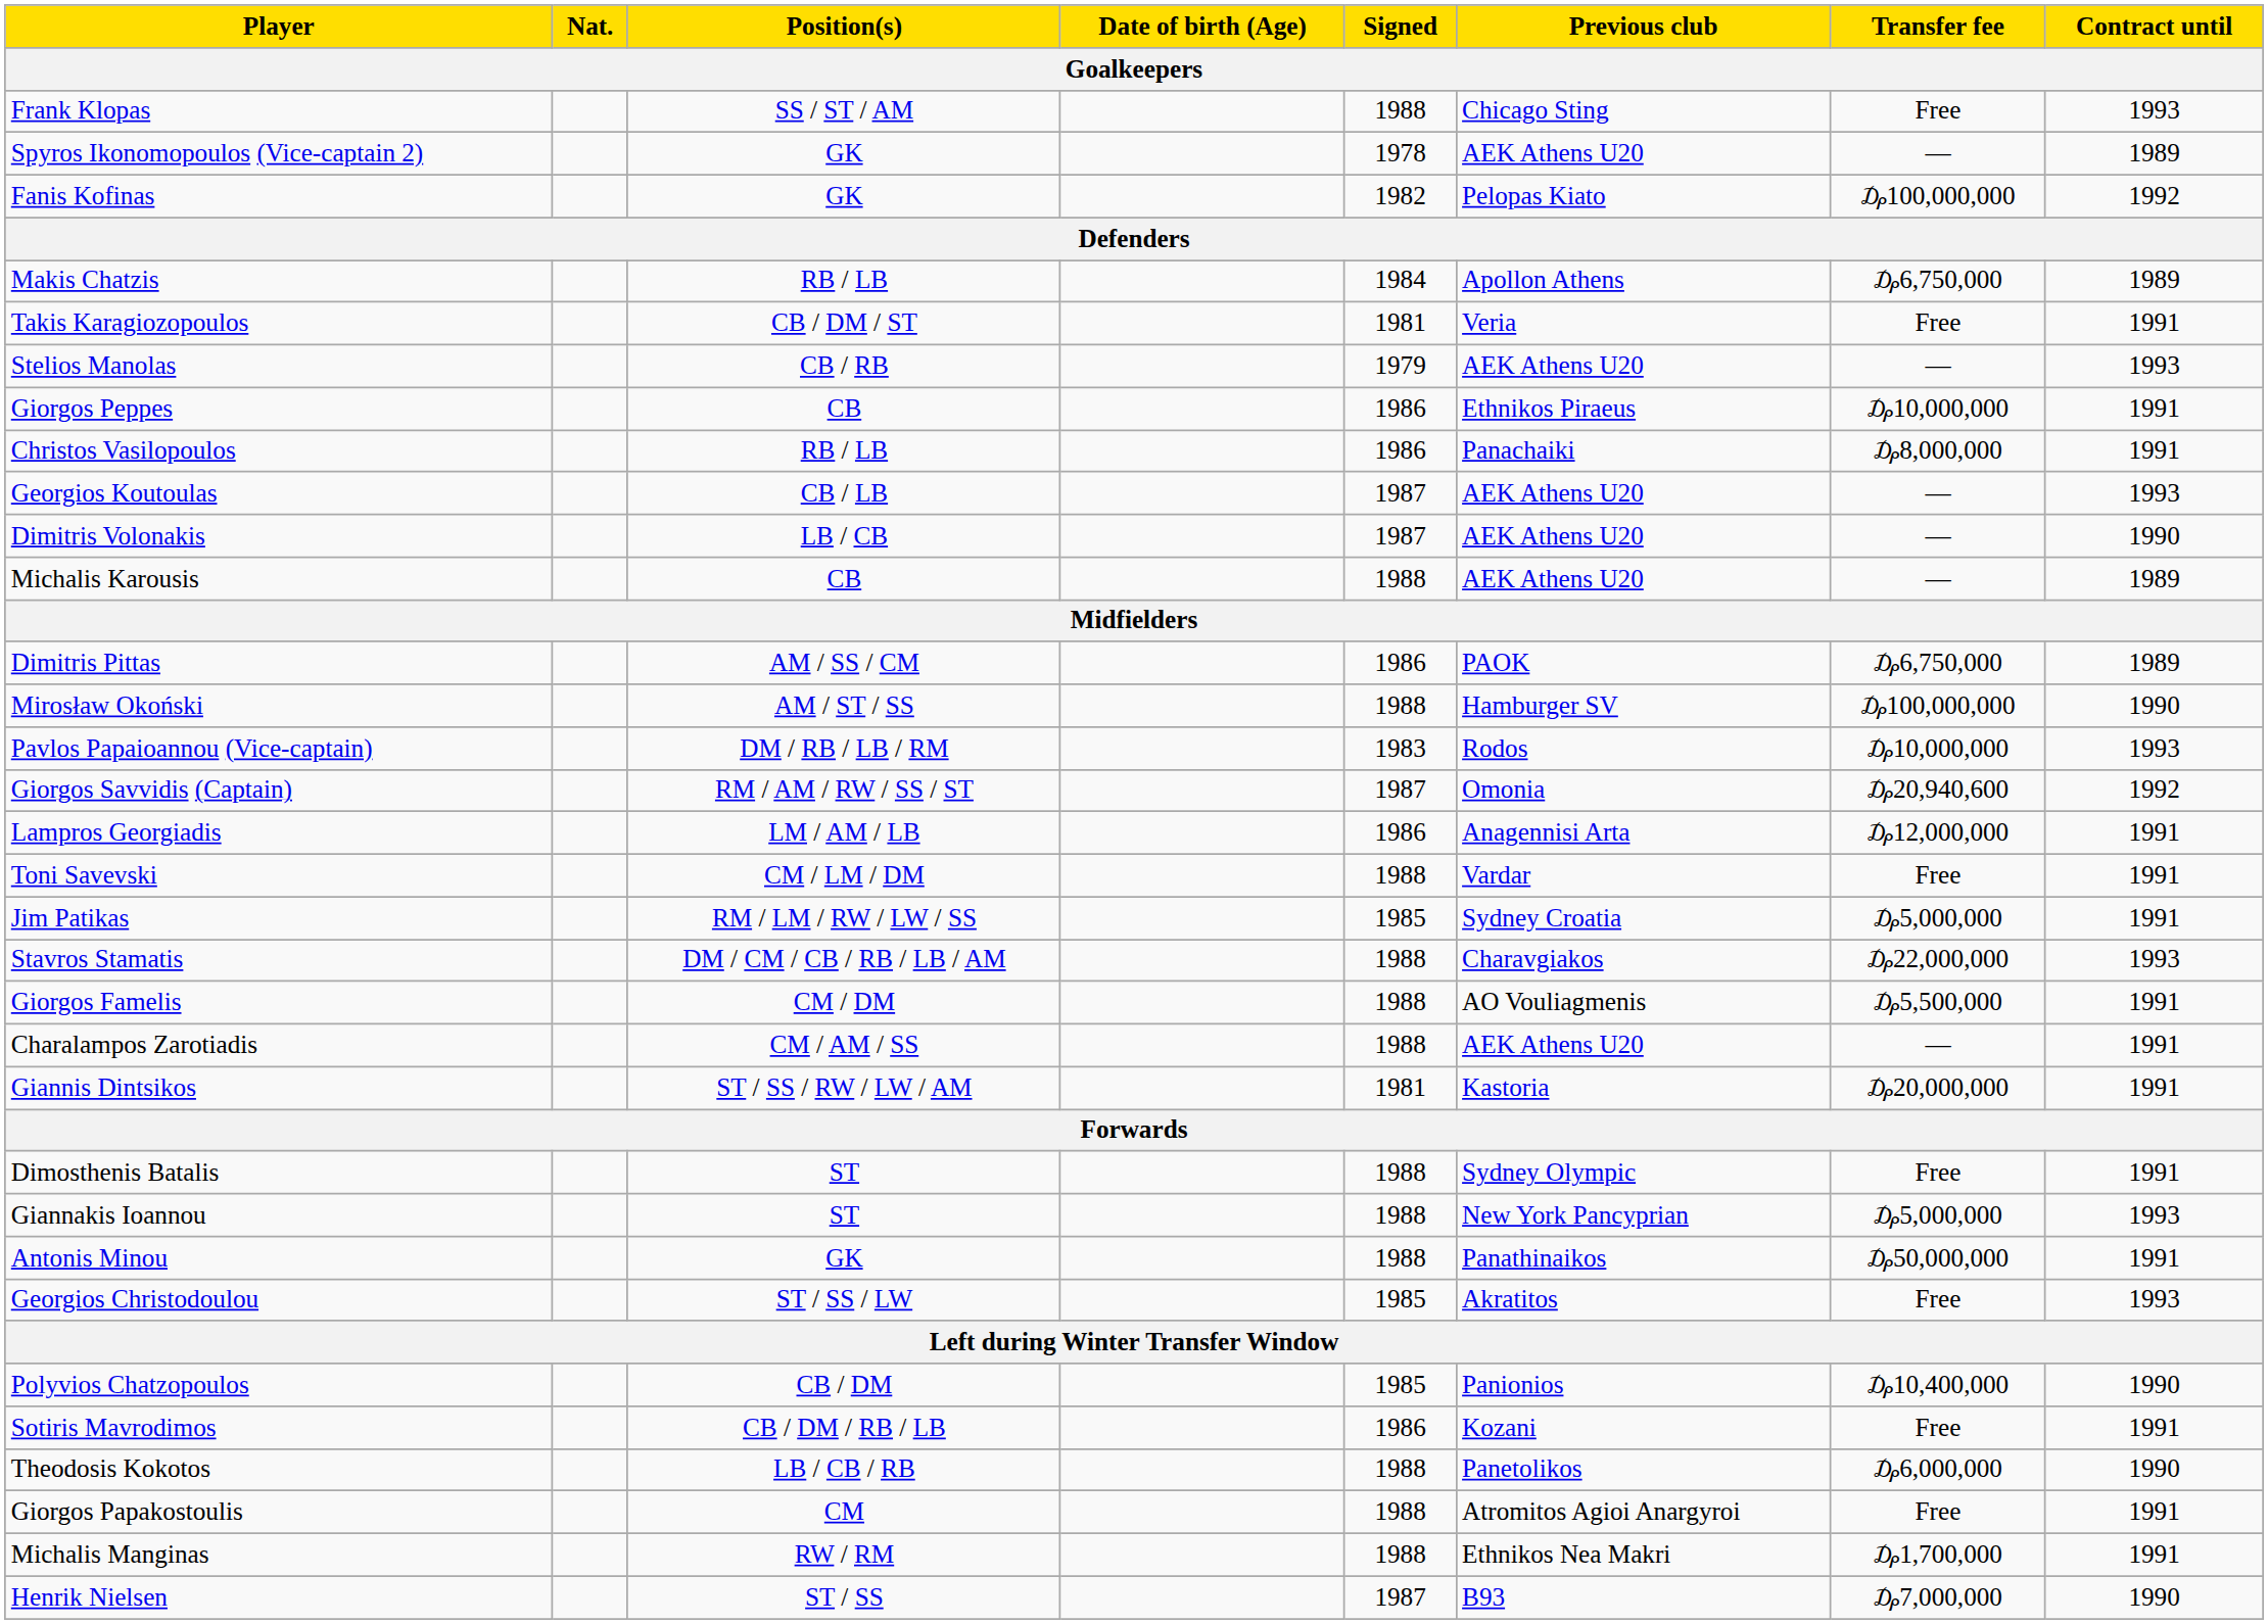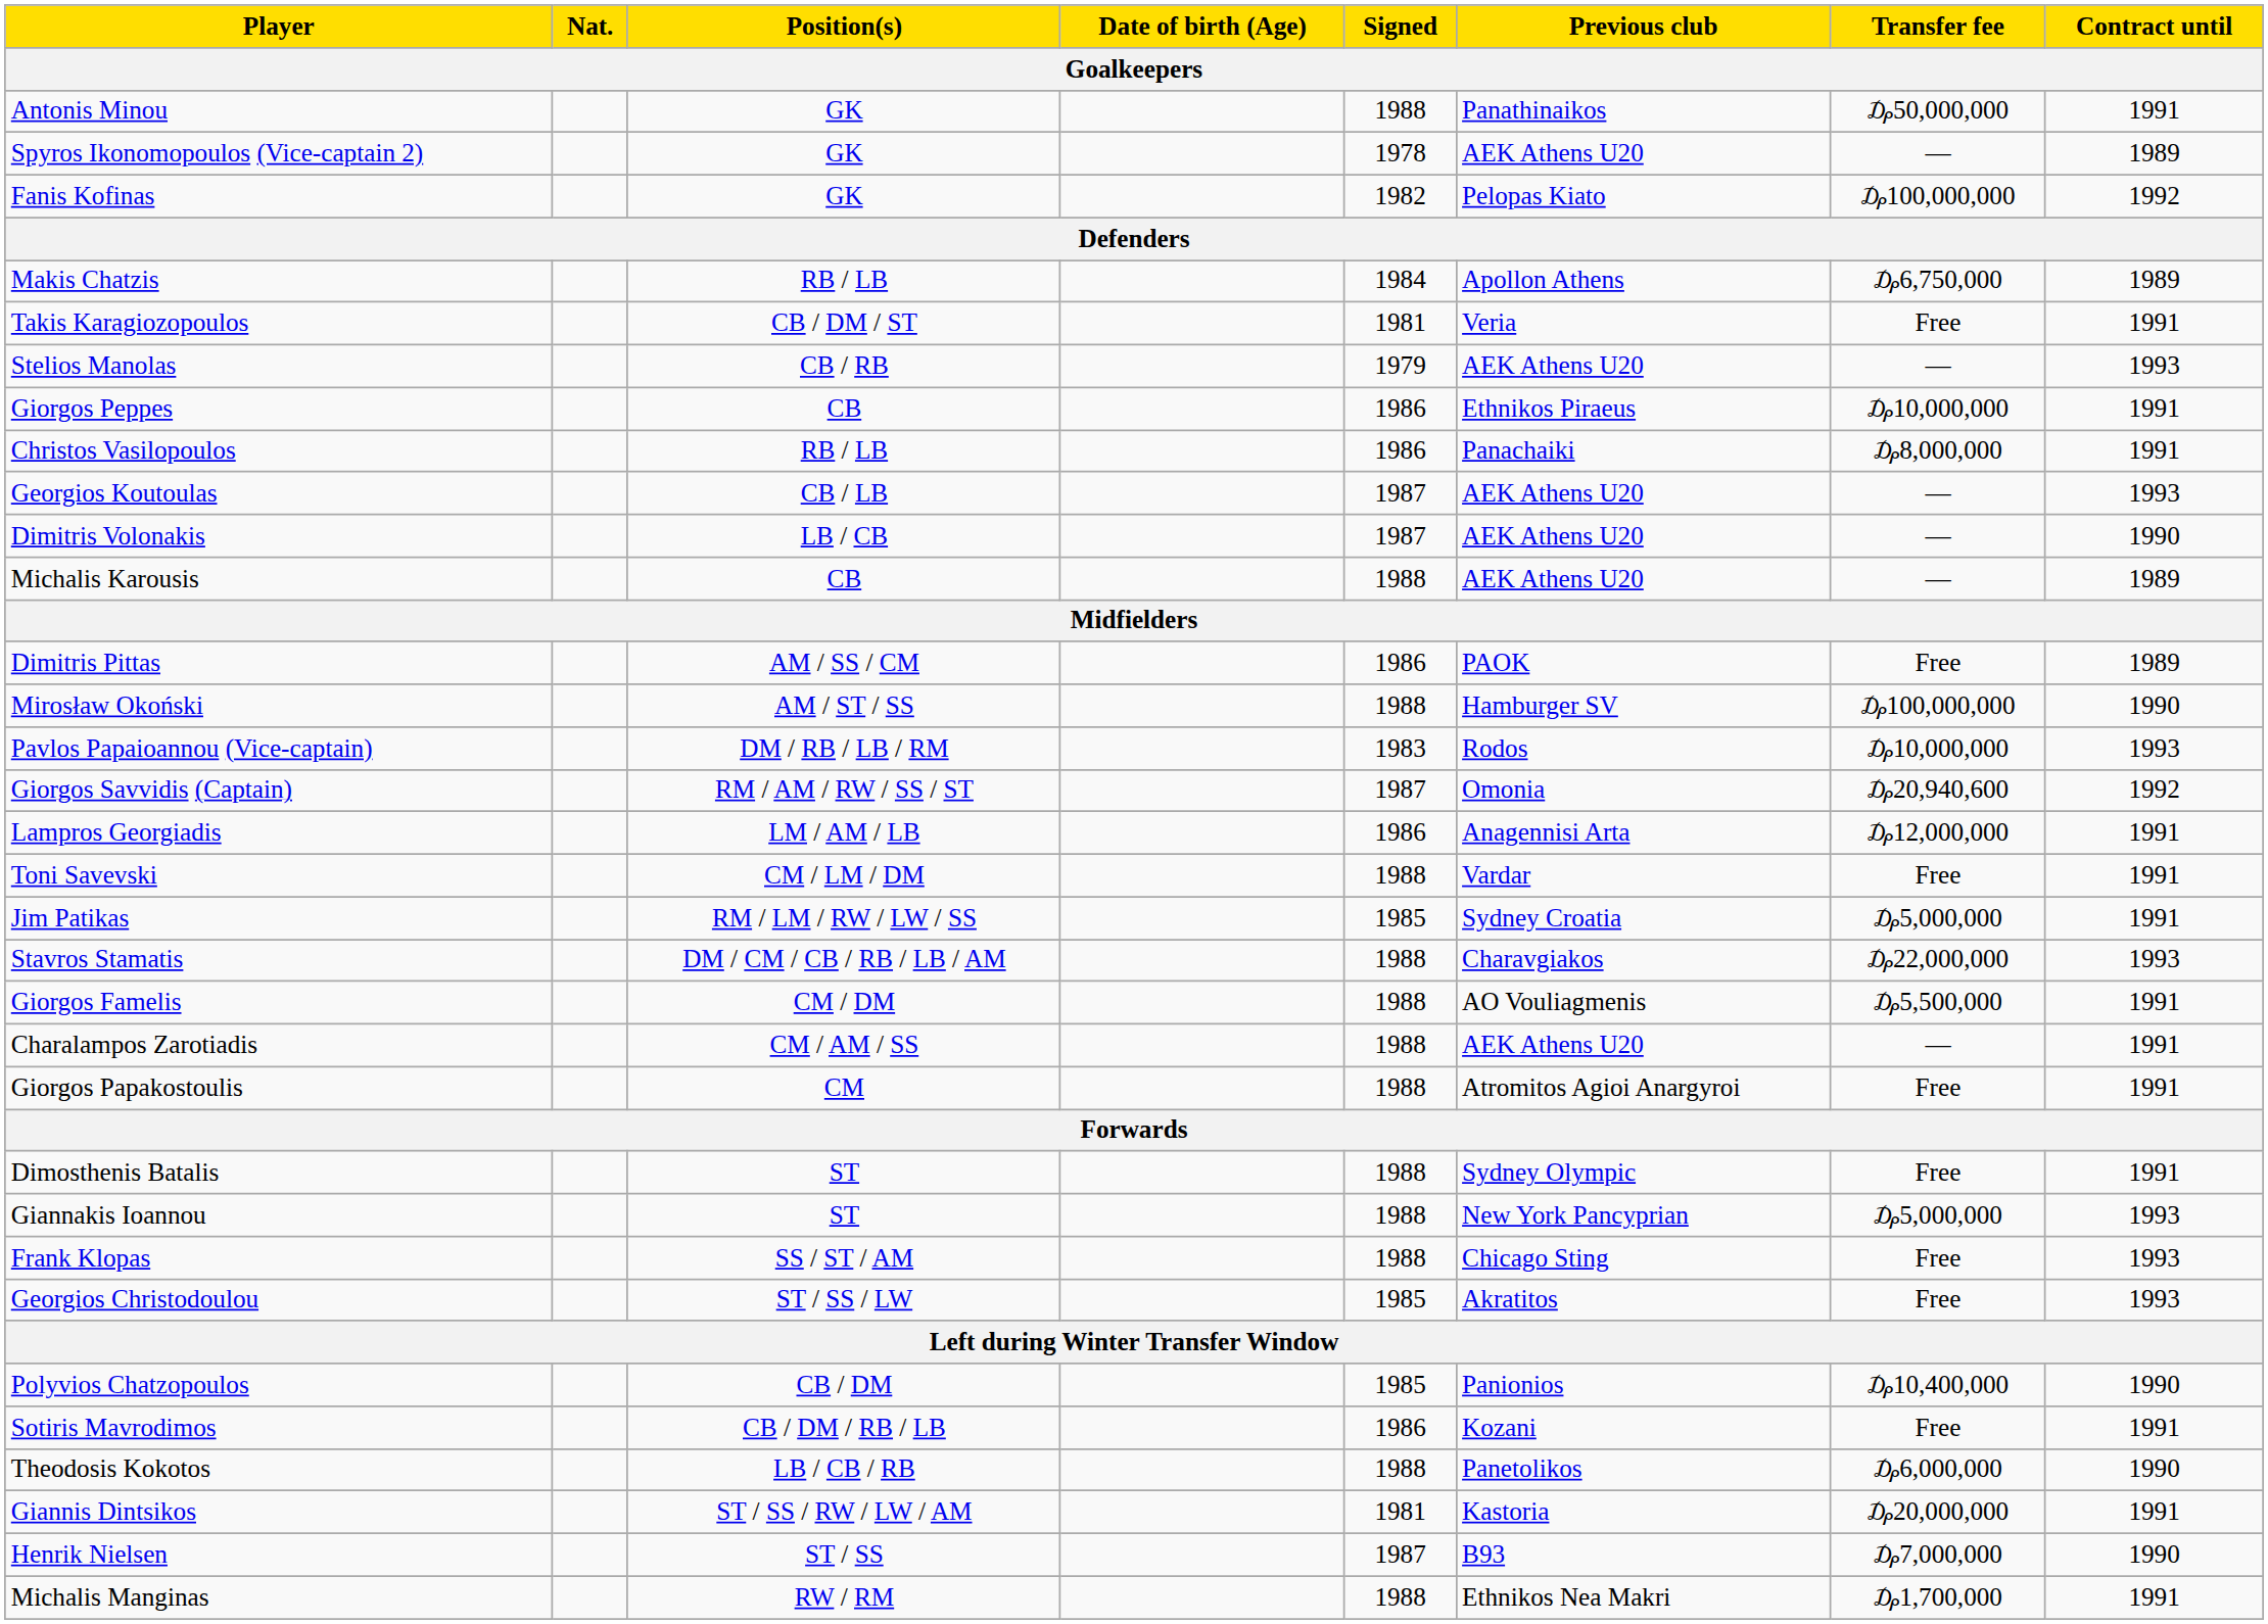 <table class="wikitable" style="text-align:center; font-size:90%;width:100%;">
 <tr>
 <th style="background:#FFDE00">Player</th>
 <th style="background:#FFDE00">Nat.</th>
 <th style="background:#FFDE00">Position(s)</th>
 <th style="background:#FFDE00">Date of birth (Age)</th>
 <th style="background:#FFDE00">Signed</th>
 <th style="background:#FFDE00">Previous club</th>
 <th style="background:#FFDE00">Transfer fee</th>
 <th style="background:#FFDE00">Contract until</th>
 </tr>
 <tr>
 <th colspan="8">Goalkeepers</th>
 </tr>
 <tr>
-<td align=left><a href='#'>Frank Klopas</a></td>
+<td align=left><a href='#'>Antonis Minou</a></td>
 <td></td>
-<td><a href='#'>SS</a> / <a href='#'>ST</a> / <a href='#'>AM</a></td>
+<td><a href='#'>GK</a></td>
 <td></td>
 <td>1988</td>
-<td align=left> <a href='#'>Chicago Sting</a></td>
-<td>Free</td>
-<td>1993</td>
+<td align=left> <a href='#'>Panathinaikos</a></td>
+<td>₯50,000,000</td>
+<td>1991</td>
 </tr>
 <tr>
 <td align=left><a href='#'>Spyros Ikonomopoulos</a> <a href='#'>(Vice-captain 2)</a></td>
 <td></td>
 <td><a href='#'>GK</a></td>
 <td></td>
 <td>1978</td>
 <td align=left> <a href='#'>AEK Athens U20</a></td>
 <td>—</td>
 <td>1989</td>
 </tr>
 <tr>
 <td align=left><a href='#'>Fanis Kofinas</a></td>
 <td></td>
 <td><a href='#'>GK</a></td>
 <td></td>
 <td>1982</td>
 <td align=left> <a href='#'>Pelopas Kiato</a></td>
 <td>₯100,000,000</td>
 <td>1992</td>
 </tr>
 <tr>
 <th colspan="8">Defenders</th>
 </tr>
 <tr>
 <td align=left><a href='#'>Makis Chatzis</a></td>
 <td></td>
 <td><a href='#'>RB</a> / <a href='#'>LB</a></td>
 <td></td>
 <td>1984</td>
 <td align=left> <a href='#'>Apollon Athens</a></td>
 <td>₯6,750,000</td>
 <td>1989</td>
 </tr>
 <tr>
 <td align=left><a href='#'>Takis Karagiozopoulos</a></td>
 <td></td>
 <td><a href='#'>CB</a> / <a href='#'>DM</a> / <a href='#'>ST</a></td>
 <td></td>
 <td>1981</td>
 <td align=left> <a href='#'>Veria</a></td>
 <td>Free</td>
 <td>1991</td>
 </tr>
 <tr>
 <td align=left><a href='#'>Stelios Manolas</a></td>
 <td></td>
 <td><a href='#'>CB</a> / <a href='#'>RB</a></td>
 <td></td>
 <td>1979</td>
 <td align=left> <a href='#'>AEK Athens U20</a></td>
 <td>—</td>
 <td>1993</td>
 </tr>
 <tr>
 <td align=left><a href='#'>Giorgos Peppes</a></td>
 <td></td>
 <td><a href='#'>CB</a></td>
 <td></td>
 <td>1986</td>
 <td align=left> <a href='#'>Ethnikos Piraeus</a></td>
 <td>₯10,000,000</td>
 <td>1991</td>
 </tr>
 <tr>
 <td align=left><a href='#'>Christos Vasilopoulos</a></td>
 <td></td>
 <td><a href='#'>RB</a> / <a href='#'>LB</a></td>
 <td></td>
 <td>1986</td>
 <td align=left> <a href='#'>Panachaiki</a></td>
 <td>₯8,000,000</td>
 <td>1991</td>
 </tr>
 <tr>
 <td align=left><a href='#'>Georgios Koutoulas</a></td>
 <td></td>
 <td><a href='#'>CB</a> / <a href='#'>LB</a></td>
 <td></td>
 <td>1987</td>
 <td align=left> <a href='#'>AEK Athens U20</a></td>
 <td>—</td>
 <td>1993</td>
 </tr>
 <tr>
 <td align=left><a href='#'>Dimitris Volonakis</a></td>
 <td></td>
 <td><a href='#'>LB</a> / <a href='#'>CB</a></td>
 <td></td>
 <td>1987</td>
 <td align=left> <a href='#'>AEK Athens U20</a></td>
 <td>—</td>
 <td>1990</td>
 </tr>
 <tr>
 <td align=left>Michalis Karousis</td>
 <td></td>
 <td><a href='#'>CB</a></td>
 <td></td>
 <td>1988</td>
 <td align=left> <a href='#'>AEK Athens U20</a></td>
 <td>—</td>
 <td>1989</td>
 </tr>
 <tr>
 <th colspan="8">Midfielders</th>
 </tr>
 <tr>
 <td align=left><a href='#'>Dimitris Pittas</a></td>
 <td></td>
 <td><a href='#'>AM</a> / <a href='#'>SS</a> / <a href='#'>CM</a></td>
 <td></td>
 <td>1986</td>
 <td align=left> <a href='#'>PAOK</a></td>
-<td>₯6,750,000</td>
+<td>Free</td>
 <td>1989</td>
 </tr>
 <tr>
 <td align=left><a href='#'>Mirosław Okoński</a></td>
 <td></td>
 <td><a href='#'>AM</a> / <a href='#'>ST</a> / <a href='#'>SS</a></td>
 <td></td>
 <td>1988</td>
 <td align=left> <a href='#'>Hamburger SV</a></td>
 <td>₯100,000,000</td>
 <td>1990</td>
 </tr>
 <tr>
 <td align=left><a href='#'>Pavlos Papaioannou</a> <a href='#'>(Vice-captain)</a></td>
 <td></td>
 <td><a href='#'>DM</a> / <a href='#'>RB</a> / <a href='#'>LB</a> / <a href='#'>RM</a></td>
 <td></td>
 <td>1983</td>
 <td align=left> <a href='#'>Rodos</a></td>
 <td>₯10,000,000</td>
 <td>1993</td>
 </tr>
 <tr>
 <td align=left><a href='#'>Giorgos Savvidis</a> <a href='#'>(Captain)</a></td>
 <td></td>
 <td><a href='#'>RM</a> / <a href='#'>AM</a> / <a href='#'>RW</a> / <a href='#'>SS</a> / <a href='#'>ST</a></td>
 <td></td>
 <td>1987</td>
 <td align=left> <a href='#'>Omonia</a></td>
 <td>₯20,940,600</td>
 <td>1992</td>
 </tr>
 <tr>
 <td align=left><a href='#'>Lampros Georgiadis</a></td>
 <td></td>
 <td><a href='#'>LM</a> / <a href='#'>AM</a> / <a href='#'>LB</a></td>
 <td></td>
 <td>1986</td>
 <td align=left> <a href='#'>Anagennisi Arta</a></td>
 <td>₯12,000,000</td>
 <td>1991</td>
 </tr>
 <tr>
 <td align=left><a href='#'>Toni Savevski</a></td>
 <td></td>
 <td><a href='#'>CM</a> / <a href='#'>LM</a> / <a href='#'>DM</a></td>
 <td></td>
 <td>1988</td>
 <td align=left> <a href='#'>Vardar</a></td>
 <td>Free</td>
 <td>1991</td>
 </tr>
 <tr>
 <td align=left><a href='#'>Jim Patikas</a></td>
 <td></td>
 <td><a href='#'>RM</a> / <a href='#'>LM</a> / <a href='#'>RW</a> / <a href='#'>LW</a> / <a href='#'>SS</a></td>
 <td></td>
 <td>1985</td>
 <td align=left> <a href='#'>Sydney Croatia</a></td>
 <td>₯5,000,000</td>
 <td>1991</td>
 </tr>
 <tr>
 <td align=left><a href='#'>Stavros Stamatis</a></td>
 <td></td>
 <td><a href='#'>DM</a> / <a href='#'>CM</a> / <a href='#'>CB</a> / <a href='#'>RB</a> / <a href='#'>LB</a> /  <a href='#'>AM</a></td>
 <td></td>
 <td>1988</td>
 <td align=left> <a href='#'>Charavgiakos</a></td>
 <td>₯22,000,000</td>
 <td>1993</td>
 </tr>
 <tr>
 <td align=left><a href='#'>Giorgos Famelis</a></td>
 <td></td>
 <td><a href='#'>CM</a> / <a href='#'>DM</a></td>
 <td></td>
 <td>1988</td>
 <td align=left> AO Vouliagmenis</td>
 <td>₯5,500,000</td>
 <td>1991</td>
 </tr>
 <tr>
 <td align=left>Charalampos Zarotiadis</td>
 <td></td>
 <td><a href='#'>CM</a> / <a href='#'>AM</a> / <a href='#'>SS</a></td>
 <td></td>
 <td>1988</td>
 <td align=left> <a href='#'>AEK Athens U20</a></td>
 <td>—</td>
 <td>1991</td>
 </tr>
 <tr>
-<td align=left><a href='#'>Giannis Dintsikos</a></td>
+<td align=left>Giorgos Papakostoulis</td>
 <td></td>
-<td><a href='#'>ST</a> / <a href='#'>SS</a> / <a href='#'>RW</a> / <a href='#'>LW</a> / <a href='#'>AM</a></td>
+<td><a href='#'>CM</a></td>
 <td></td>
-<td>1981</td>
-<td align=left> <a href='#'>Kastoria</a></td>
-<td>₯20,000,000</td>
+<td>1988</td>
+<td align=left> Atromitos Agioi Anargyroi</td>
+<td>Free</td>
 <td>1991</td>
 </tr>
 <tr>
 <th colspan="8">Forwards</th>
 </tr>
 <tr>
 <td align=left>Dimosthenis Batalis</td>
 <td></td>
 <td><a href='#'>ST</a></td>
 <td></td>
 <td>1988</td>
 <td align=left> <a href='#'>Sydney Olympic</a></td>
 <td>Free</td>
 <td>1991</td>
 </tr>
 <tr>
 <td align=left>Giannakis Ioannou</td>
 <td></td>
 <td><a href='#'>ST</a></td>
 <td></td>
 <td>1988</td>
 <td align=left> <a href='#'>New York Pancyprian</a></td>
 <td>₯5,000,000</td>
 <td>1993</td>
 </tr>
 <tr>
-<td align=left><a href='#'>Antonis Minou</a></td>
+<td align=left><a href='#'>Frank Klopas</a></td>
 <td></td>
-<td><a href='#'>GK</a></td>
+<td><a href='#'>SS</a> / <a href='#'>ST</a> / <a href='#'>AM</a></td>
 <td></td>
 <td>1988</td>
-<td align=left> <a href='#'>Panathinaikos</a></td>
-<td>₯50,000,000</td>
-<td>1991</td>
+<td align=left> <a href='#'>Chicago Sting</a></td>
+<td>Free</td>
+<td>1993</td>
 </tr>
 <tr>
 <td align=left><a href='#'>Georgios Christodoulou</a></td>
 <td></td>
 <td><a href='#'>ST</a> / <a href='#'>SS</a> / <a href='#'>LW</a></td>
 <td></td>
 <td>1985</td>
 <td align=left> <a href='#'>Akratitos</a></td>
 <td>Free</td>
 <td>1993</td>
 </tr>
 <tr>
 <th colspan="8">Left during Winter Transfer Window</th>
 </tr>
 <tr>
 <td align=left><a href='#'>Polyvios Chatzopoulos</a></td>
 <td></td>
 <td><a href='#'>CB</a> / <a href='#'>DM</a></td>
 <td></td>
 <td>1985</td>
 <td align=left> <a href='#'>Panionios</a></td>
 <td>₯10,400,000</td>
 <td>1990</td>
 </tr>
 <tr>
 <td align=left><a href='#'>Sotiris Mavrodimos</a></td>
 <td></td>
 <td><a href='#'>CB</a> / <a href='#'>DM</a> / <a href='#'>RB</a> / <a href='#'>LB</a></td>
 <td></td>
 <td>1986</td>
 <td align=left> <a href='#'>Kozani</a></td>
 <td>Free</td>
 <td>1991</td>
 </tr>
 <tr>
 <td align=left>Theodosis Kokotos</td>
 <td></td>
 <td><a href='#'>LB</a> / <a href='#'>CB</a> / <a href='#'>RB</a></td>
 <td></td>
 <td>1988</td>
 <td align=left> <a href='#'>Panetolikos</a></td>
 <td>₯6,000,000</td>
 <td>1990</td>
 </tr>
 <tr>
-<td align=left>Giorgos Papakostoulis</td>
+<td align=left><a href='#'>Giannis Dintsikos</a></td>
 <td></td>
-<td><a href='#'>CM</a></td>
+<td><a href='#'>ST</a> / <a href='#'>SS</a> / <a href='#'>RW</a> / <a href='#'>LW</a> / <a href='#'>AM</a></td>
 <td></td>
-<td>1988</td>
-<td align=left> Atromitos Agioi Anargyroi</td>
-<td>Free</td>
-<td>1991</td>
-</tr>
-<tr>
-<td align=left>Michalis Manginas</td>
-<td></td>
-<td><a href='#'>RW</a> / <a href='#'>RM</a></td>
-<td></td>
-<td>1988</td>
-<td align=left> Ethnikos Nea Makri</td>
-<td>₯1,700,000</td>
+<td>1981</td>
+<td align=left> <a href='#'>Kastoria</a></td>
+<td>₯20,000,000</td>
 <td>1991</td>
 </tr>
 <tr>
 <td align=left><a href='#'>Henrik Nielsen</a></td>
 <td></td>
 <td><a href='#'>ST</a> / <a href='#'>SS</a></td>
 <td></td>
 <td>1987</td>
 <td align=left> <a href='#'>B93</a></td>
 <td>₯7,000,000</td>
 <td>1990</td>
 </tr>
+<tr>
+<td align=left>Michalis Manginas</td>
+<td></td>
+<td><a href='#'>RW</a> / <a href='#'>RM</a></td>
+<td></td>
+<td>1988</td>
+<td align=left> Ethnikos Nea Makri</td>
+<td>₯1,700,000</td>
+<td>1991</td>
+</tr>
 </table>
